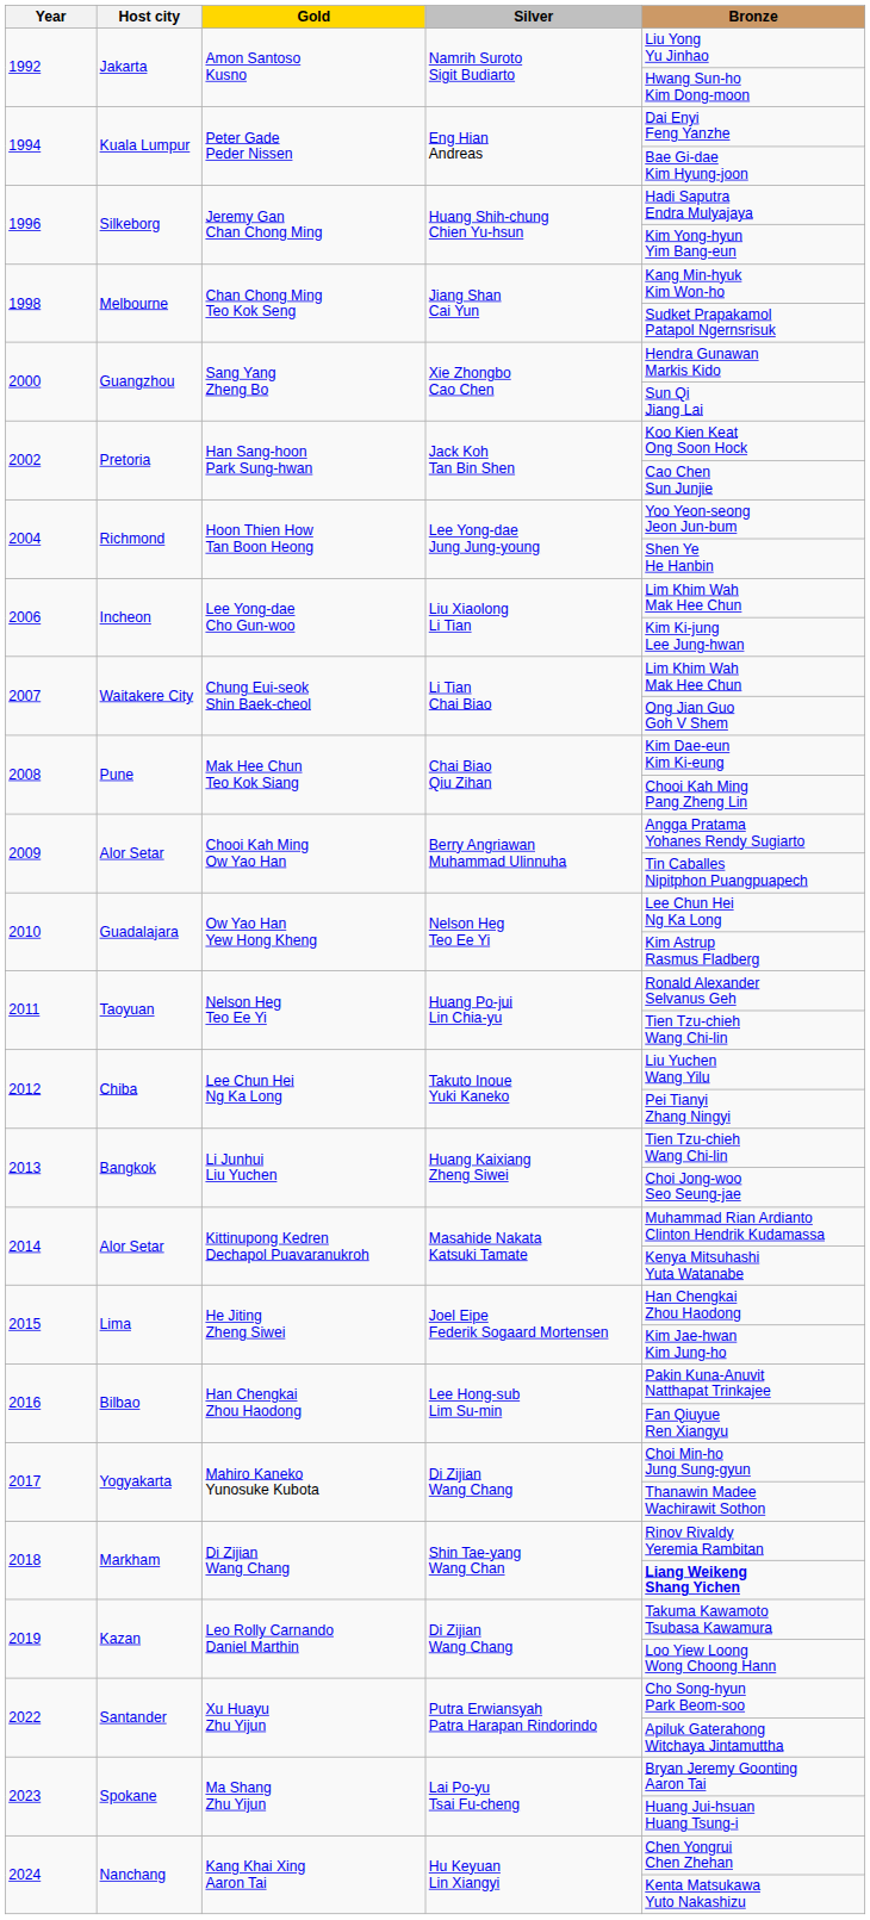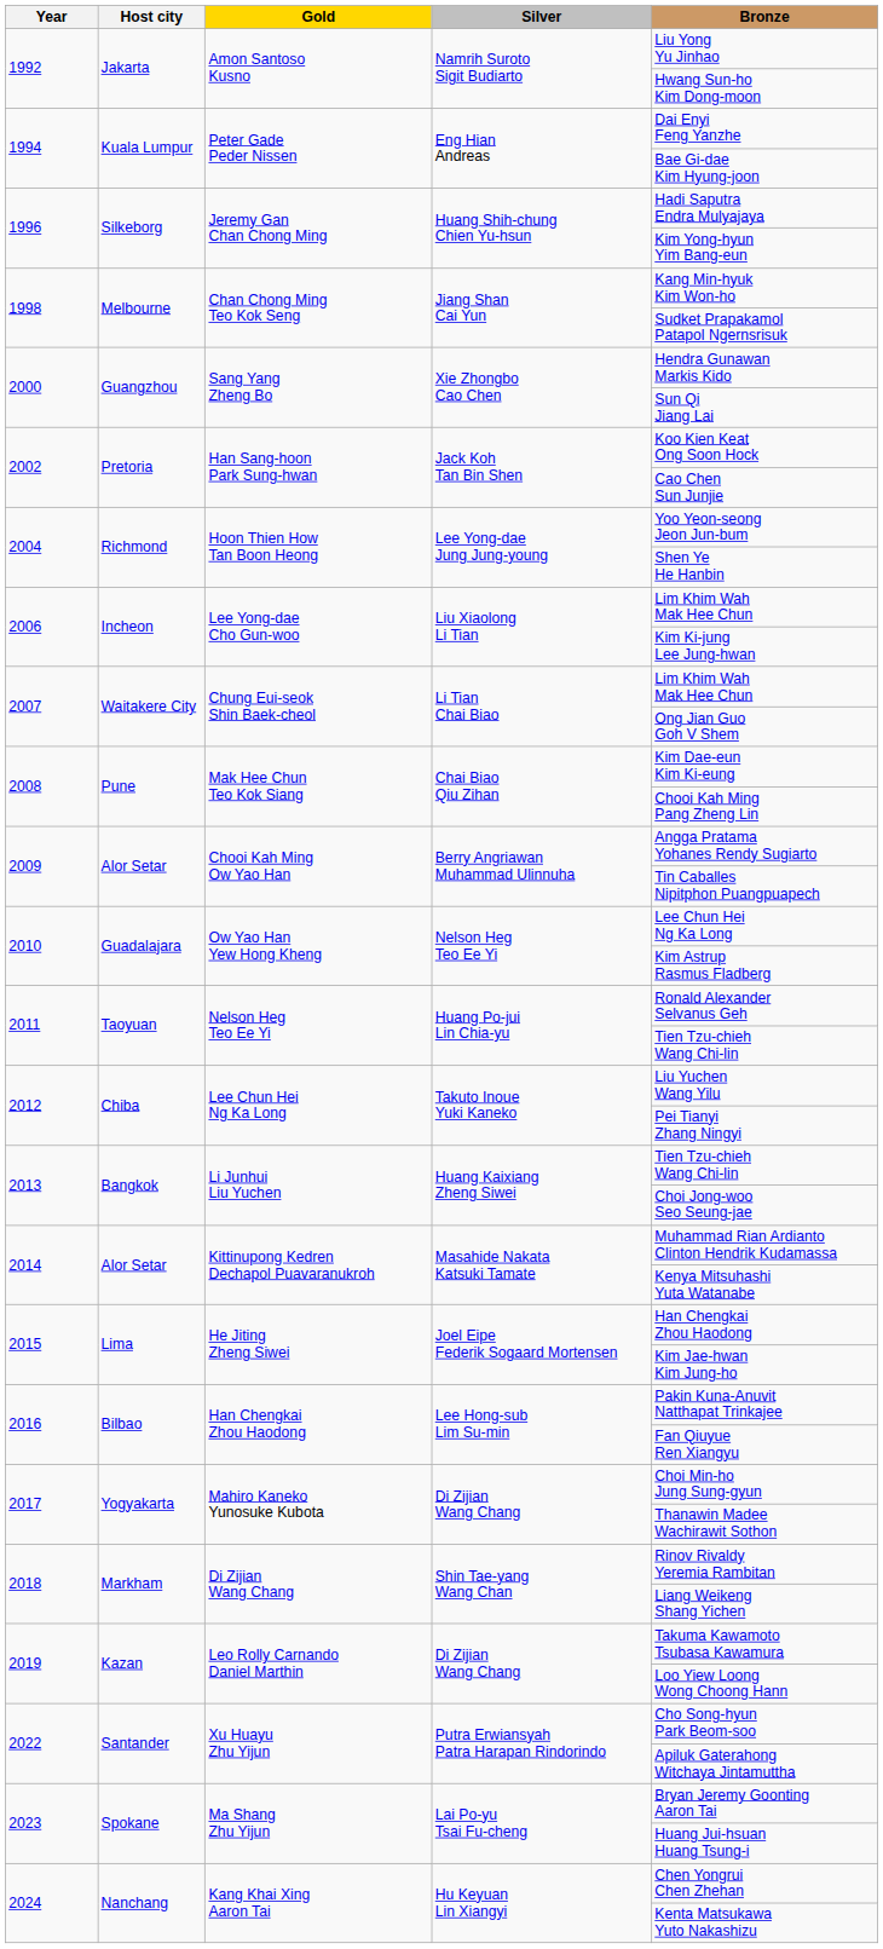 <table class="wikitable" style="text-align: left; width: 950px;">
 <tr>
 <th width="120">Year</th>
 <th width="120">Host city</th>
 <th width="300" style="background-color: gold">Gold</th>
 <th width="300" style="background-color: silver">Silver</th>
 <th width="300" style="background-color: #cc9966">Bronze</th>
 </tr>
 <tr>
 <td rowspan="2"><a href='#'>1992</a></td>
 <td rowspan="2"><a href='#'>Jakarta</a></td>
 <td rowspan="2"> <a href='#'>Amon Santoso</a><br> <a href='#'>Kusno</a></td>
 <td rowspan="2"> <a href='#'>Namrih Suroto</a><br> <a href='#'>Sigit Budiarto</a></td>
 <td> <a href='#'>Liu Yong</a><br> <a href='#'>Yu Jinhao</a></td>
 </tr>
 <tr>
 <td> <a href='#'>Hwang Sun-ho</a><br> <a href='#'>Kim Dong-moon</a></td>
 </tr>
 <tr>
 <td rowspan="2"><a href='#'>1994</a></td>
 <td rowspan="2"><a href='#'>Kuala Lumpur</a></td>
 <td rowspan="2"> <a href='#'>Peter Gade</a><br> <a href='#'>Peder Nissen</a></td>
 <td rowspan="2"> <a href='#'>Eng Hian</a><br> Andreas</td>
 <td> <a href='#'>Dai Enyi</a><br> <a href='#'>Feng Yanzhe</a></td>
 </tr>
 <tr>
 <td> <a href='#'>Bae Gi-dae</a><br> <a href='#'>Kim Hyung-joon</a></td>
 </tr>
 <tr>
 <td rowspan="2"><a href='#'>1996</a></td>
 <td rowspan="2"><a href='#'>Silkeborg</a></td>
 <td rowspan="2"> <a href='#'>Jeremy Gan</a><br> <a href='#'>Chan Chong Ming</a></td>
 <td rowspan="2"> <a href='#'>Huang Shih-chung</a><br> <a href='#'>Chien Yu-hsun</a></td>
 <td> <a href='#'>Hadi Saputra</a><br> <a href='#'>Endra Mulyajaya</a></td>
 </tr>
 <tr>
 <td> <a href='#'>Kim Yong-hyun</a><br> <a href='#'>Yim Bang-eun</a></td>
 </tr>
 <tr>
 <td rowspan="2"><a href='#'>1998</a></td>
 <td rowspan="2"><a href='#'>Melbourne</a></td>
 <td rowspan="2"> <a href='#'>Chan Chong Ming</a><br> <a href='#'>Teo Kok Seng</a></td>
 <td rowspan="2"> <a href='#'>Jiang Shan</a><br> <a href='#'>Cai Yun</a></td>
 <td> <a href='#'>Kang Min-hyuk</a><br> <a href='#'>Kim Won-ho</a></td>
 </tr>
 <tr>
 <td> <a href='#'>Sudket Prapakamol</a><br> <a href='#'>Patapol Ngernsrisuk</a></td>
 </tr>
 <tr>
 <td rowspan="2"><a href='#'>2000</a></td>
 <td rowspan="2"><a href='#'>Guangzhou</a></td>
 <td rowspan="2"> <a href='#'>Sang Yang</a><br> <a href='#'>Zheng Bo</a></td>
 <td rowspan="2"> <a href='#'>Xie Zhongbo</a><br> <a href='#'>Cao Chen</a></td>
 <td> <a href='#'>Hendra Gunawan</a><br> <a href='#'>Markis Kido</a></td>
 </tr>
 <tr>
 <td> <a href='#'>Sun Qi</a><br> <a href='#'>Jiang Lai</a></td>
 </tr>
 <tr>
 <td rowspan="2"><a href='#'>2002</a></td>
 <td rowspan="2"><a href='#'>Pretoria</a></td>
 <td rowspan="2"> <a href='#'>Han Sang-hoon</a><br> <a href='#'>Park Sung-hwan</a></td>
 <td rowspan="2"> <a href='#'>Jack Koh</a><br> <a href='#'>Tan Bin Shen</a></td>
 <td> <a href='#'>Koo Kien Keat</a><br> <a href='#'>Ong Soon Hock</a></td>
 </tr>
 <tr>
 <td> <a href='#'>Cao Chen</a><br> <a href='#'>Sun Junjie</a></td>
 </tr>
 <tr>
 <td rowspan="2"><a href='#'>2004</a></td>
 <td rowspan="2"><a href='#'>Richmond</a></td>
 <td rowspan="2"> <a href='#'>Hoon Thien How</a><br> <a href='#'>Tan Boon Heong</a></td>
 <td rowspan="2"> <a href='#'>Lee Yong-dae</a><br> <a href='#'>Jung Jung-young</a></td>
 <td> <a href='#'>Yoo Yeon-seong</a><br> <a href='#'>Jeon Jun-bum</a></td>
 </tr>
 <tr>
 <td> <a href='#'>Shen Ye</a><br> <a href='#'>He Hanbin</a></td>
 </tr>
 <tr>
 <td rowspan="2"><a href='#'>2006</a></td>
 <td rowspan="2"><a href='#'>Incheon</a></td>
 <td rowspan="2"> <a href='#'>Lee Yong-dae</a><br> <a href='#'>Cho Gun-woo</a></td>
 <td rowspan="2"> <a href='#'>Liu Xiaolong</a><br> <a href='#'>Li Tian</a></td>
 <td> <a href='#'>Lim Khim Wah</a><br> <a href='#'>Mak Hee Chun</a></td>
 </tr>
 <tr>
 <td> <a href='#'>Kim Ki-jung</a><br> <a href='#'>Lee Jung-hwan</a></td>
 </tr>
 <tr>
 <td rowspan="2"><a href='#'>2007</a></td>
 <td rowspan="2"><a href='#'>Waitakere City</a></td>
 <td rowspan="2"> <a href='#'>Chung Eui-seok</a><br> <a href='#'>Shin Baek-cheol</a></td>
 <td rowspan="2"> <a href='#'>Li Tian</a><br> <a href='#'>Chai Biao</a></td>
 <td> <a href='#'>Lim Khim Wah</a><br> <a href='#'>Mak Hee Chun</a></td>
 </tr>
 <tr>
 <td> <a href='#'>Ong Jian Guo</a><br> <a href='#'>Goh V Shem</a></td>
 </tr>
 <tr>
 <td rowspan="2"><a href='#'>2008</a></td>
 <td rowspan="2"><a href='#'>Pune</a></td>
 <td rowspan="2"> <a href='#'>Mak Hee Chun</a><br> <a href='#'>Teo Kok Siang</a></td>
 <td rowspan="2"> <a href='#'>Chai Biao</a><br> <a href='#'>Qiu Zihan</a></td>
 <td> <a href='#'>Kim Dae-eun</a><br> <a href='#'>Kim Ki-eung</a></td>
 </tr>
 <tr>
 <td> <a href='#'>Chooi Kah Ming</a><br> <a href='#'>Pang Zheng Lin</a></td>
 </tr>
 <tr>
 <td rowspan="2"><a href='#'>2009</a></td>
 <td rowspan="2"><a href='#'>Alor Setar</a></td>
 <td rowspan="2"> <a href='#'>Chooi Kah Ming</a><br> <a href='#'>Ow Yao Han</a></td>
 <td rowspan="2"> <a href='#'>Berry Angriawan</a><br> <a href='#'>Muhammad Ulinnuha</a></td>
 <td> <a href='#'>Angga Pratama</a><br> <a href='#'>Yohanes Rendy Sugiarto</a></td>
 </tr>
 <tr>
 <td> <a href='#'>Tin Caballes</a><br> <a href='#'>Nipitphon Puangpuapech</a></td>
 </tr>
 <tr>
 <td rowspan="2"><a href='#'>2010</a></td>
 <td rowspan="2"><a href='#'>Guadalajara</a></td>
 <td rowspan="2"> <a href='#'>Ow Yao Han</a><br> <a href='#'>Yew Hong Kheng</a></td>
 <td rowspan="2"> <a href='#'>Nelson Heg</a><br> <a href='#'>Teo Ee Yi</a></td>
 <td> <a href='#'>Lee Chun Hei</a><br> <a href='#'>Ng Ka Long</a></td>
 </tr>
 <tr>
 <td> <a href='#'>Kim Astrup</a><br> <a href='#'>Rasmus Fladberg</a></td>
 </tr>
 <tr>
 <td rowspan="2"><a href='#'>2011</a></td>
 <td rowspan="2"><a href='#'>Taoyuan</a></td>
 <td rowspan="2"> <a href='#'>Nelson Heg</a><br> <a href='#'>Teo Ee Yi</a></td>
 <td rowspan="2"> <a href='#'>Huang Po-jui</a><br> <a href='#'>Lin Chia-yu</a></td>
 <td> <a href='#'>Ronald Alexander</a><br> <a href='#'>Selvanus Geh</a></td>
 </tr>
 <tr>
 <td> <a href='#'>Tien Tzu-chieh</a><br> <a href='#'>Wang Chi-lin</a></td>
 </tr>
 <tr>
 <td rowspan="2"><a href='#'>2012</a></td>
 <td rowspan="2"><a href='#'>Chiba</a></td>
 <td rowspan="2"> <a href='#'>Lee Chun Hei</a><br> <a href='#'>Ng Ka Long</a></td>
 <td rowspan="2"> <a href='#'>Takuto Inoue</a><br> <a href='#'>Yuki Kaneko</a></td>
 <td> <a href='#'>Liu Yuchen</a><br> <a href='#'>Wang Yilu</a></td>
 </tr>
 <tr>
 <td> <a href='#'>Pei Tianyi</a><br> <a href='#'>Zhang Ningyi</a></td>
 </tr>
 <tr>
 <td rowspan="2"><a href='#'>2013</a></td>
 <td rowspan="2"><a href='#'>Bangkok</a></td>
 <td rowspan="2"> <a href='#'>Li Junhui</a><br> <a href='#'>Liu Yuchen</a></td>
 <td rowspan="2"> <a href='#'>Huang Kaixiang</a><br> <a href='#'>Zheng Siwei</a></td>
 <td> <a href='#'>Tien Tzu-chieh</a><br> <a href='#'>Wang Chi-lin</a></td>
 </tr>
 <tr>
 <td> <a href='#'>Choi Jong-woo</a><br> <a href='#'>Seo Seung-jae</a></td>
 </tr>
 <tr>
 <td rowspan="2"><a href='#'>2014</a></td>
 <td rowspan="2"><a href='#'>Alor Setar</a></td>
 <td rowspan="2"> <a href='#'>Kittinupong Kedren</a><br> <a href='#'>Dechapol Puavaranukroh</a></td>
 <td rowspan="2"> <a href='#'>Masahide Nakata</a><br> <a href='#'>Katsuki Tamate</a></td>
 <td> <a href='#'>Muhammad Rian Ardianto</a><br> <a href='#'>Clinton Hendrik Kudamassa</a></td>
 </tr>
 <tr>
 <td> <a href='#'>Kenya Mitsuhashi</a><br> <a href='#'>Yuta Watanabe</a></td>
 </tr>
 <tr>
 <td rowspan="2"><a href='#'>2015</a></td>
 <td rowspan="2"><a href='#'>Lima</a></td>
 <td rowspan="2"> <a href='#'>He Jiting</a><br> <a href='#'>Zheng Siwei</a></td>
 <td rowspan="2"> <a href='#'>Joel Eipe</a><br> <a href='#'>Federik Sogaard Mortensen</a></td>
 <td> <a href='#'>Han Chengkai</a><br> <a href='#'>Zhou Haodong</a></td>
 </tr>
 <tr>
 <td> <a href='#'>Kim Jae-hwan</a><br> <a href='#'>Kim Jung-ho</a></td>
 </tr>
 <tr>
 <td rowspan="2"><a href='#'>2016</a></td>
 <td rowspan="2"><a href='#'>Bilbao</a></td>
 <td rowspan="2"> <a href='#'>Han Chengkai</a><br> <a href='#'>Zhou Haodong</a></td>
 <td rowspan="2"> <a href='#'>Lee Hong-sub</a><br> <a href='#'>Lim Su-min</a></td>
 <td> <a href='#'>Pakin Kuna-Anuvit</a><br> <a href='#'>Natthapat Trinkajee</a></td>
 </tr>
 <tr>
 <td> <a href='#'>Fan Qiuyue</a><br> <a href='#'>Ren Xiangyu</a></td>
 </tr>
 <tr>
 <td rowspan="2"><a href='#'>2017</a></td>
 <td rowspan="2"><a href='#'>Yogyakarta</a></td>
 <td rowspan="2"> <a href='#'>Mahiro Kaneko</a><br> Yunosuke Kubota</td>
 <td rowspan="2"> <a href='#'>Di Zijian</a><br> <a href='#'>Wang Chang</a></td>
 <td> <a href='#'>Choi Min-ho</a><br> <a href='#'>Jung Sung-gyun</a></td>
 </tr>
 <tr>
 <td> <a href='#'>Thanawin Madee</a><br> <a href='#'>Wachirawit Sothon</a></td>
 </tr>
 <tr>
 <td rowspan="2"><a href='#'>2018</a></td>
 <td rowspan="2"><a href='#'>Markham</a></td>
 <td rowspan="2"> <a href='#'>Di Zijian</a><br> <a href='#'>Wang Chang</a></td>
 <td rowspan="2"> <a href='#'>Shin Tae-yang</a><br> <a href='#'>Wang Chan</a></td>
 <td> <a href='#'>Rinov Rivaldy</a><br> <a href='#'>Yeremia Rambitan</a></td>
 </tr>
 <tr>
-<td><strong> <a href='#'>Liang Weikeng</a><br> <a href='#'>Shang Yichen</a></strong></td>
+<td> <a href='#'>Liang Weikeng</a><br> <a href='#'>Shang Yichen</a></td>
 </tr>
 <tr>
 <td rowspan="2"><a href='#'>2019</a></td>
 <td rowspan="2"><a href='#'>Kazan</a></td>
 <td rowspan="2"> <a href='#'>Leo Rolly Carnando</a><br> <a href='#'>Daniel Marthin</a></td>
 <td rowspan="2"> <a href='#'>Di Zijian</a><br> <a href='#'>Wang Chang</a></td>
 <td> <a href='#'>Takuma Kawamoto</a><br> <a href='#'>Tsubasa Kawamura</a></td>
 </tr>
 <tr>
 <td> <a href='#'>Loo Yiew Loong</a><br> <a href='#'>Wong Choong Hann</a></td>
 </tr>
 <tr>
 <td rowspan="2"><a href='#'>2022</a></td>
 <td rowspan="2"><a href='#'>Santander</a></td>
 <td rowspan="2"> <a href='#'>Xu Huayu</a><br> <a href='#'> Zhu Yijun</a></td>
 <td rowspan="2"> <a href='#'>Putra Erwiansyah</a><br> <a href='#'>Patra Harapan Rindorindo</a></td>
 <td> <a href='#'>Cho Song-hyun</a><br> <a href='#'>Park Beom-soo</a></td>
 </tr>
 <tr>
 <td> <a href='#'>Apiluk Gaterahong</a><br> <a href='#'>Witchaya Jintamuttha</a></td>
 </tr>
 <tr>
 <td rowspan="2"><a href='#'>2023</a></td>
 <td rowspan="2"><a href='#'>Spokane</a></td>
 <td rowspan="2"> <a href='#'>Ma Shang</a><br> <a href='#'> Zhu Yijun</a></td>
 <td rowspan="2"> <a href='#'>Lai Po-yu</a><br> <a href='#'>Tsai Fu-cheng</a></td>
 <td> <a href='#'>Bryan Jeremy Goonting</a><br> <a href='#'>Aaron Tai</a></td>
 </tr>
 <tr>
 <td> <a href='#'>Huang Jui-hsuan</a><br> <a href='#'>Huang Tsung-i</a></td>
 </tr>
 <tr>
 <td rowspan="2"><a href='#'>2024</a></td>
 <td rowspan="2"><a href='#'>Nanchang</a></td>
 <td rowspan="2"> <a href='#'>Kang Khai Xing</a><br> <a href='#'>Aaron Tai</a></td>
 <td rowspan="2"> <a href='#'>Hu Keyuan</a><br> <a href='#'>Lin Xiangyi</a></td>
 <td> <a href='#'>Chen Yongrui</a><br> <a href='#'>Chen Zhehan</a></td>
 </tr>
 <tr>
 <td> <a href='#'>Kenta Matsukawa</a><br> <a href='#'>Yuto Nakashizu</a></td>
 </tr>
 </table>
